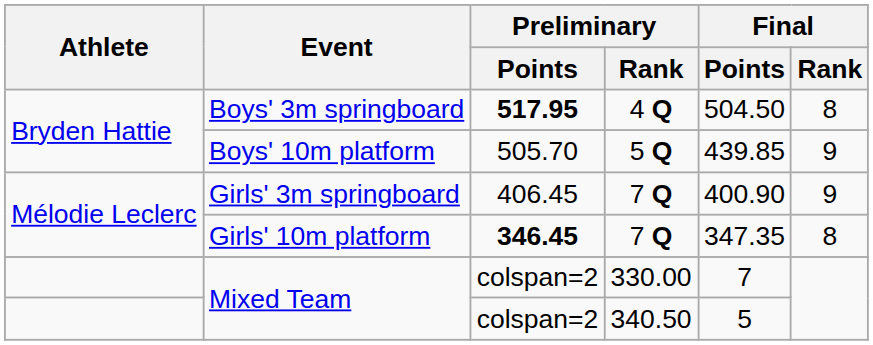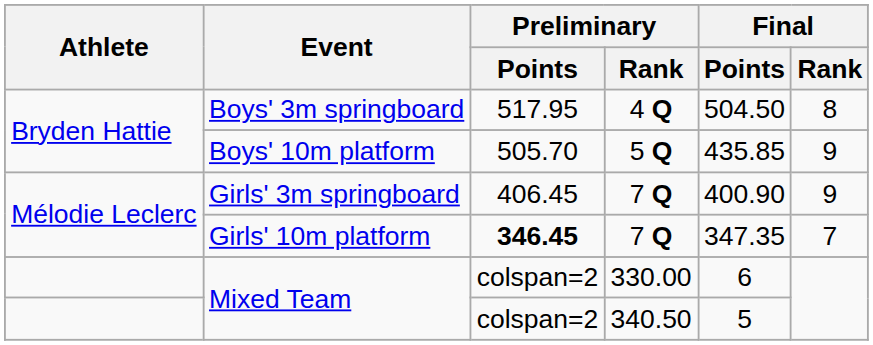 <table class="wikitable" style="font-size:90%;">
 <tr>
 <th rowspan=2>Athlete</th>
 <th rowspan=2>Event</th>
 <th colspan=2>Preliminary</th>
 <th colspan=2>Final</th>
 </tr>
 <tr>
 <th>Points</th>
 <th>Rank</th>
 <th>Points</th>
 <th>Rank</th>
 </tr>
 <tr align=center>
 <td align=left rowspan=2><a href='#'>Bryden Hattie</a></td>
 <td align=left><a href='#'>Boys' 3m springboard</a></td>
-<td><strong>517.95</strong></td>
+<td>517.95</td>
 <td>4 <strong>Q</strong></td>
 <td>504.50</td>
 <td>8</td>
 </tr>
 <tr align=center>
 <td align=left><a href='#'> Boys' 10m platform</a></td>
 <td>505.70</td>
 <td>5 <strong>Q</strong></td>
-<td>439.85</td>
+<td>435.85</td>
 <td>9</td>
 </tr>
 <tr align=center>
 <td align=left rowspan=2><a href='#'>Mélodie Leclerc</a></td>
 <td align=left><a href='#'>Girls' 3m springboard</a></td>
 <td>406.45</td>
 <td>7 <strong>Q</strong></td>
 <td>400.90</td>
 <td>9</td>
 </tr>
 <tr align=center>
 <td align=left><a href='#'>Girls' 10m platform</a></td>
 <td><strong>346.45</strong></td>
 <td>7 <strong>Q</strong></td>
 <td>347.35</td>
-<td>8</td>
+<td>7</td>
 </tr>
 <tr align=center>
 <td align=left><br></td>
 <td align=left rowspan=2><a href='#'>Mixed Team</a></td>
 <td>colspan=2 </td>
 <td>330.00</td>
-<td>7</td>
+<td>6</td>
 </tr>
 <tr align=center>
 <td align=left><br></td>
 <td>colspan=2 </td>
 <td>340.50</td>
 <td>5</td>
 </tr>
 </table>
